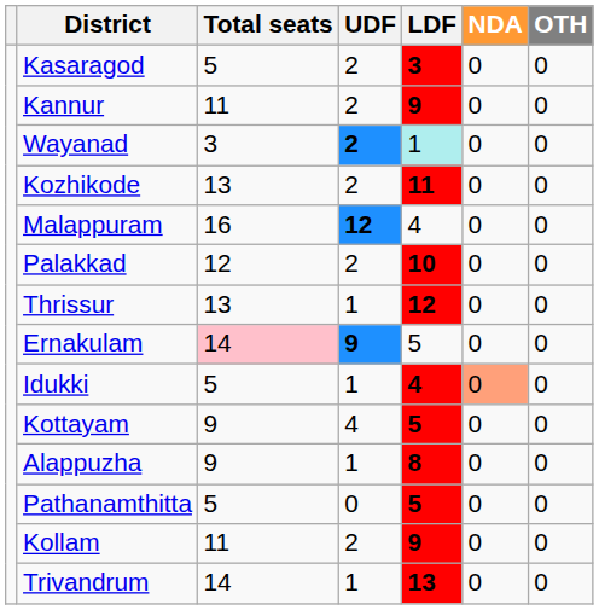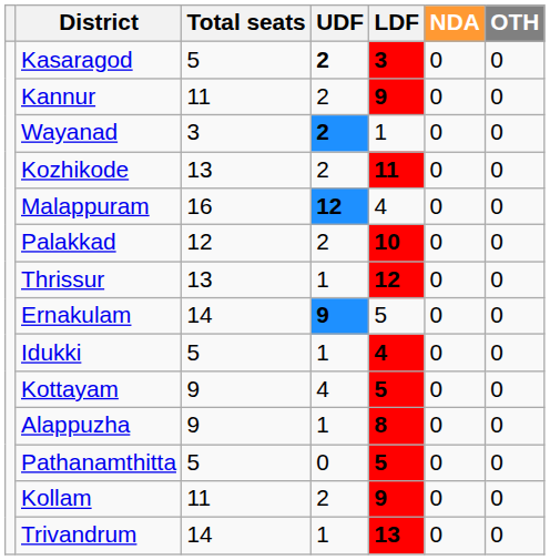 <table class="wikitable sortable" style="text-align:centre;">
 <tr>
 <th></th>
 <th>District</th>
 <th>Total seats</th>
 <th style="background:">UDF</th>
 <th style="background:">LDF</th>
 <th style="background:#FF9933; color:white;">NDA</th>
 <th style="background:grey; color:white;">OTH</th>
 </tr>
 <tr>
 <td rowspan="14"></td>
 <td><a href='#'>Kasaragod</a></td>
 <td>5</td>
-<td>2</td>
+<td><strong>2</strong></td>
 <td style="background:#FF0000"><strong>3</strong></td>
 <td>0</td>
 <td>0</td>
 </tr>
 <tr>
 <td><a href='#'>Kannur</a></td>
 <td>11</td>
 <td>2</td>
 <td style="background:#FF0000"><strong>9</strong></td>
 <td>0</td>
 <td>0</td>
 </tr>
 <tr>
 <td><a href='#'>Wayanad</a></td>
 <td>3</td>
 <td style="background:#1E90FF"><strong>2</strong></td>
-<td style="background: paleturquoise;">1</td>
+<td>1</td>
 <td>0</td>
 <td>0</td>
 </tr>
 <tr>
 <td><a href='#'>Kozhikode</a></td>
 <td>13</td>
 <td>2</td>
 <td style="background:#FF0000"><strong>11</strong></td>
 <td>0</td>
 <td>0</td>
 </tr>
 <tr>
 <td><a href='#'>Malappuram</a></td>
 <td>16</td>
 <td style="background:#1E90FF"><strong>12</strong></td>
 <td>4</td>
 <td>0</td>
 <td>0</td>
 </tr>
 <tr>
 <td><a href='#'>Palakkad</a></td>
 <td>12</td>
 <td>2</td>
 <td style="background:#FF0000"><strong>10</strong></td>
 <td>0</td>
 <td>0</td>
 </tr>
 <tr>
 <td><a href='#'>Thrissur</a></td>
 <td>13</td>
 <td>1</td>
 <td style="background:#FF0000"><strong>12</strong></td>
 <td>0</td>
 <td>0</td>
 </tr>
 <tr>
 <td><a href='#'>Ernakulam</a></td>
-<td style="background: pink;">14</td>
+<td>14</td>
 <td style="background:#1E90FF"><strong>9</strong></td>
 <td>5</td>
 <td>0</td>
 <td>0</td>
 </tr>
 <tr>
 <td><a href='#'>Idukki</a></td>
 <td>5</td>
 <td>1</td>
 <td style="background:#FF0000"><strong>4</strong></td>
-<td style="background: lightsalmon;">0</td>
+<td>0</td>
 <td>0</td>
 </tr>
 <tr>
 <td><a href='#'>Kottayam</a></td>
 <td>9</td>
 <td>4</td>
 <td style="background:#FF0000"><strong>5</strong></td>
 <td>0</td>
 <td>0</td>
 </tr>
 <tr>
 <td><a href='#'>Alappuzha</a></td>
 <td>9</td>
 <td>1</td>
 <td style="background:#FF0000"><strong>8</strong></td>
 <td>0</td>
 <td>0</td>
 </tr>
 <tr>
 <td><a href='#'>Pathanamthitta</a></td>
 <td>5</td>
 <td>0</td>
 <td style="background:#FF0000"><strong>5</strong></td>
 <td>0</td>
 <td>0</td>
 </tr>
 <tr>
 <td><a href='#'>Kollam</a></td>
 <td>11</td>
 <td>2</td>
 <td style="background:#FF0000"><strong>9</strong></td>
 <td>0</td>
 <td>0</td>
 </tr>
 <tr>
 <td><a href='#'>Trivandrum</a></td>
 <td>14</td>
 <td>1</td>
 <td style="background:#FF0000"><strong>13</strong></td>
 <td>0</td>
 <td>0</td>
 </tr>
 </table>
